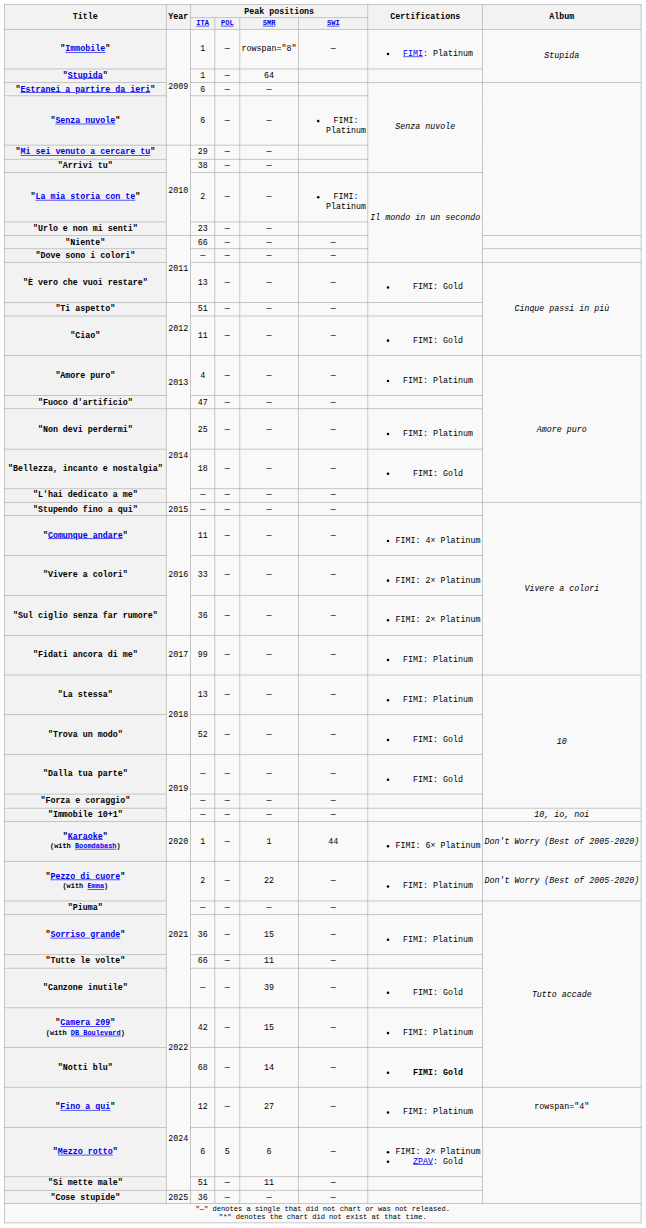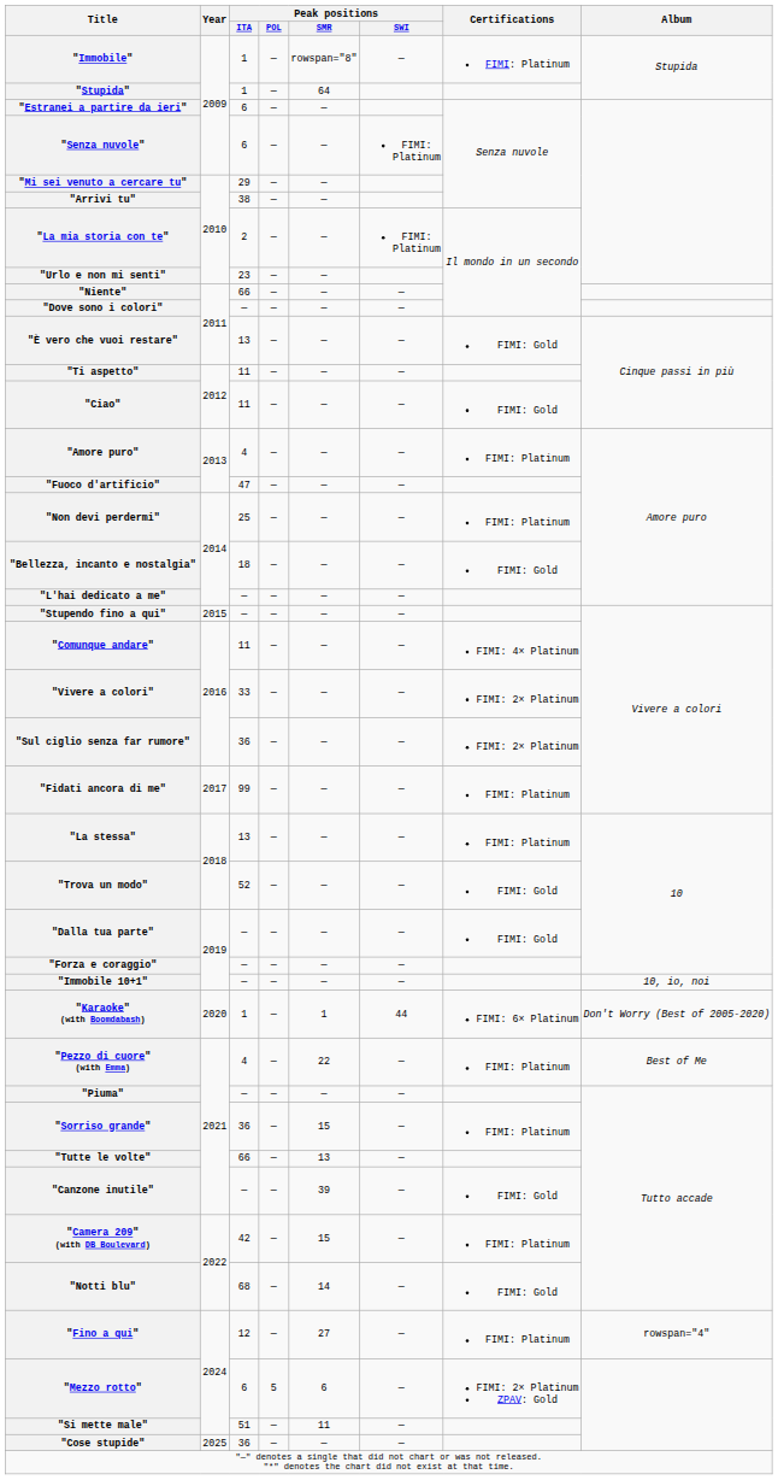 <table class="wikitable plainrowheaders" style="text-align:center;">
 <tr>
 <th rowspan="2" scope="col" style="width:19em;">Title</th>
 <th rowspan="2" scope="col" style="width:1em;">Year</th>
 <th colspan="4" scope="col">Peak positions</th>
 <th rowspan="2" scope="col">Certifications</th>
 <th rowspan="2" scope="col">Album</th>
 </tr>
 <tr>
 <th scope="col" style="width:3em;font-size:85%;"><a href='#'>ITA</a><br></th>
 <th scope="col" style="width:3em;font-size:85%;"><a href='#'>POL</a><br></th>
 <th scope="col" style="width:3em;font-size:85%;"><a href='#'>SMR</a><br></th>
 <th scope="col" style="width:3em;font-size:85%;"><a href='#'>SWI</a><br></th>
 </tr>
 <tr>
 <th scope="row">"<a href='#'>Immobile</a>"</th>
 <td rowspan="4">2009</td>
 <td>1</td>
 <td>—</td>
 <td>rowspan="8" </td>
 <td>—</td>
 <td><br><ul><li><a href='#'>FIMI</a>: Platinum</li></ul></td>
 <td rowspan="2"><em>Stupida</em></td>
 </tr>
 <tr>
 <th scope="row">"<a href='#'>Stupida</a>"</th>
 <td>1</td>
 <td>—</td>
 <td>64</td>
 <td></td>
 </tr>
 <tr>
 <th scope="row">"<a href='#'>Estranei a partire da ieri</a>"</th>
 <td>6</td>
 <td>—</td>
 <td>—</td>
 <td></td>
 <td rowspan="4"><em>Senza nuvole</em></td>
 </tr>
 <tr>
 <th scope="row">"<a href='#'>Senza nuvole</a>"</th>
 <td>6</td>
 <td>—</td>
 <td>—</td>
 <td><br><ul><li>FIMI: Platinum</li></ul></td>
 </tr>
 <tr>
 <th scope="row">"<a href='#'>Mi sei venuto a cercare tu</a>"</th>
 <td rowspan="4">2010</td>
 <td>29</td>
 <td>—</td>
 <td>—</td>
 <td></td>
 </tr>
 <tr>
 <th scope="row">"Arrivi tu"</th>
 <td>38</td>
 <td>—</td>
 <td>—</td>
 <td></td>
 </tr>
 <tr>
 <th scope="row">"<a href='#'>La mia storia con te</a>"</th>
 <td>2</td>
 <td>—</td>
 <td>—</td>
 <td><br><ul><li>FIMI: Platinum</li></ul></td>
 <td rowspan="4"><em>Il mondo in un secondo</em></td>
 </tr>
 <tr>
 <th scope="row">"Urlo e non mi senti"</th>
 <td>23</td>
 <td>—</td>
 <td>—</td>
 <td></td>
 </tr>
 <tr>
 <th scope="row">"Niente"</th>
 <td rowspan="3">2011</td>
 <td>66</td>
 <td>—</td>
 <td>—</td>
 <td>—</td>
 <td></td>
 </tr>
 <tr>
 <th scope="row">"Dove sono i colori"</th>
 <td>—</td>
 <td>—</td>
 <td>—</td>
 <td>—</td>
 <td></td>
 </tr>
 <tr>
 <th scope="row">"È vero che vuoi restare"</th>
 <td>13</td>
 <td>—</td>
 <td>—</td>
 <td>—</td>
 <td><br><ul><li>FIMI: Gold</li></ul></td>
 <td rowspan="3"><em>Cinque passi in più</em></td>
 </tr>
 <tr>
 <th scope="row">"Ti aspetto"</th>
 <td rowspan="2">2012</td>
-<td>51</td>
+<td>11</td>
 <td>—</td>
 <td>—</td>
 <td>—</td>
 <td></td>
 </tr>
 <tr>
 <th scope="row">"Ciao"</th>
 <td>11</td>
 <td>—</td>
 <td>—</td>
 <td>—</td>
 <td><br><ul><li>FIMI: Gold</li></ul></td>
 </tr>
 <tr>
 <th scope="row">"Amore puro"</th>
 <td rowspan="2">2013</td>
 <td>4</td>
 <td>—</td>
 <td>—</td>
 <td>—</td>
 <td><br><ul><li>FIMI: Platinum</li></ul></td>
 <td rowspan="5"><em>Amore puro</em></td>
 </tr>
 <tr>
 <th scope="row">"Fuoco d'artificio"</th>
 <td>47</td>
 <td>—</td>
 <td>—</td>
 <td>—</td>
 <td></td>
 </tr>
 <tr>
 <th scope="row">"Non devi perdermi"</th>
 <td rowspan="3">2014</td>
 <td>25</td>
 <td>—</td>
 <td>—</td>
 <td>—</td>
 <td><br><ul><li>FIMI: Platinum</li></ul></td>
 </tr>
 <tr>
 <th scope="row">"Bellezza, incanto e nostalgia"</th>
 <td>18</td>
 <td>—</td>
 <td>—</td>
 <td>—</td>
 <td><br><ul><li>FIMI: Gold</li></ul></td>
 </tr>
 <tr>
 <th scope="row">"L'hai dedicato a me"</th>
 <td>—</td>
 <td>—</td>
 <td>—</td>
 <td>—</td>
 <td></td>
 </tr>
 <tr>
 <th scope="row">"Stupendo fino a qui"</th>
 <td rowspan="1">2015</td>
 <td>—</td>
 <td>—</td>
 <td>—</td>
 <td>—</td>
 <td></td>
 <td rowspan="5"><em>Vivere a colori</em></td>
 </tr>
 <tr>
 <th scope="row">"<a href='#'>Comunque andare</a>"</th>
 <td rowspan="3">2016</td>
 <td>11</td>
 <td>—</td>
 <td>—</td>
 <td>—</td>
 <td><br><ul><li>FIMI: 4× Platinum</li></ul></td>
 </tr>
 <tr>
 <th scope="row">"Vivere a colori"</th>
 <td>33</td>
 <td>—</td>
 <td>—</td>
 <td>—</td>
 <td><br><ul><li>FIMI: 2× Platinum</li></ul></td>
 </tr>
 <tr>
 <th scope="row">"Sul ciglio senza far rumore"</th>
 <td>36</td>
 <td>—</td>
 <td>—</td>
 <td>—</td>
 <td><br><ul><li>FIMI: 2× Platinum</li></ul></td>
 </tr>
 <tr>
 <th scope="row">"Fidati ancora di me"</th>
 <td>2017</td>
 <td>99</td>
 <td>—</td>
 <td>—</td>
 <td>—</td>
 <td><br><ul><li>FIMI: Platinum</li></ul></td>
 </tr>
 <tr>
 <th scope="row">"La stessa"</th>
 <td rowspan="2">2018</td>
 <td>13</td>
 <td>—</td>
 <td>—</td>
 <td>—</td>
 <td><br><ul><li>FIMI: Platinum</li></ul></td>
 <td rowspan="4"><em>10</em></td>
 </tr>
 <tr>
 <th scope="row">"Trova un modo"</th>
 <td>52</td>
 <td>—</td>
 <td>—</td>
 <td>—</td>
 <td><br><ul><li>FIMI: Gold</li></ul></td>
 </tr>
 <tr>
 <th scope="row">"Dalla tua parte"</th>
 <td rowspan="3">2019</td>
 <td>—</td>
 <td>—</td>
 <td>—</td>
 <td>—</td>
 <td><br><ul><li>FIMI: Gold</li></ul></td>
 </tr>
 <tr>
 <th scope="row">"Forza e coraggio"</th>
 <td>—</td>
 <td>—</td>
 <td>—</td>
 <td>—</td>
 <td></td>
 </tr>
 <tr>
 <th scope="row">"Immobile 10+1"</th>
 <td>—</td>
 <td>—</td>
 <td>—</td>
 <td>—</td>
 <td></td>
 <td><em>10, io, noi</em></td>
 </tr>
 <tr>
 <th scope="row">"<a href='#'>Karaoke</a>"<br><small>(with <a href='#'>Boomdabash</a>)</small></th>
 <td>2020</td>
 <td>1</td>
 <td>—</td>
 <td>1</td>
 <td>44</td>
 <td><br><ul><li>FIMI: 6× Platinum</li></ul></td>
 <td><em>Don't Worry (Best of 2005-2020)</em></td>
 </tr>
 <tr>
 <th scope="row">"<a href='#'>Pezzo di cuore</a>"<br><small>(with <a href='#'>Emma</a>)</small></th>
 <td rowspan="5">2021</td>
-<td>2</td>
+<td>4</td>
 <td>—</td>
 <td>22</td>
 <td>—</td>
 <td><br><ul><li>FIMI: Platinum</li></ul></td>
-<td><em>Don't Worry (Best of 2005-2020)</em></td>
+<td><em>Best of Me</em></td>
 </tr>
 <tr>
 <th scope="row">"Piuma"</th>
 <td>—</td>
 <td>—</td>
 <td>—</td>
 <td>—</td>
 <td></td>
 <td rowspan="6"><em>Tutto accade</em></td>
 </tr>
 <tr>
 <th scope="row">"<a href='#'>Sorriso grande</a>"</th>
 <td>36</td>
 <td>—</td>
 <td>15</td>
 <td>—</td>
 <td><br><ul><li>FIMI: Platinum</li></ul></td>
 </tr>
 <tr>
 <th scope="row">"Tutte le volte"</th>
 <td>66</td>
 <td>—</td>
-<td>11</td>
+<td>13</td>
 <td>—</td>
 <td></td>
 </tr>
 <tr>
 <th scope="row">"Canzone inutile"</th>
 <td>—</td>
 <td>—</td>
 <td>39</td>
 <td>—</td>
 <td><br><ul><li>FIMI: Gold</li></ul></td>
 </tr>
 <tr>
 <th scope="row">"<a href='#'>Camera 209</a>"<br><small>(with <a href='#'>DB Boulevard</a>)</small></th>
 <td rowspan="2">2022</td>
 <td>42</td>
 <td>—</td>
 <td>15</td>
 <td>—</td>
 <td><br><ul><li>FIMI: Platinum</li></ul></td>
 </tr>
 <tr>
 <th scope="row">"Notti blu"</th>
 <td>68</td>
 <td>—</td>
 <td>14</td>
 <td>—</td>
-<td><strong><br><ul><li>FIMI: Gold</li></ul></strong></td>
+<td><br><ul><li>FIMI: Gold</li></ul></td>
 </tr>
 <tr>
 <th scope="row">"<a href='#'>Fino a qui</a>"</th>
 <td rowspan="3">2024</td>
 <td>12</td>
 <td>—</td>
 <td>27</td>
 <td>—</td>
 <td><br><ul><li>FIMI: Platinum</li></ul></td>
 <td>rowspan="4" </td>
 </tr>
 <tr>
 <th scope="row">"<a href='#'>Mezzo rotto</a>"<br></th>
 <td>6</td>
 <td>5</td>
 <td>6</td>
 <td>—</td>
 <td><br><ul><li>FIMI: 2× Platinum</li><li><a href='#'>ZPAV</a>: Gold</li></ul></td>
 </tr>
 <tr>
 <th scope="row">"Si mette male"</th>
 <td>51<br></td>
 <td>—</td>
 <td>11</td>
 <td>—</td>
 <td></td>
 </tr>
 <tr>
 <th scope="row">"Cose stupide"</th>
 <td>2025</td>
 <td>36<br></td>
 <td>—</td>
 <td>—</td>
 <td>—</td>
 <td></td>
 </tr>
 <tr>
 <td colspan="8" style="text-align:center; font-size:85%;">"—" denotes a single that did not chart or was not released.<br>"*" denotes the chart did not exist at that time.</td>
 </tr>
 </table>
